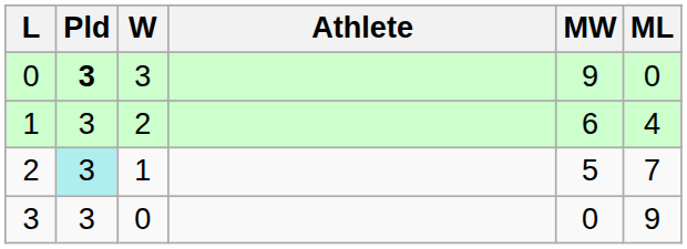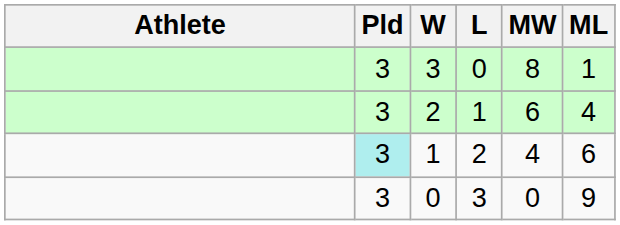 <table class="wikitable" style="text-align:center">
 <tr>
-<th width=20>L</th>
+<th width=200>Athlete</th>
 <th width=20>Pld</th>
 <th width=20>W</th>
-<th width=200>Athlete</th>
+<th width=20>L</th>
 <th width=20>MW</th>
 <th width=20>ML</th>
 </tr>
 <tr bgcolor="ccffcc">
+<td style="text-align:left"></td>
+<td>3</td>
+<td>3</td>
 <td>0</td>
-<td><strong>3</strong></td>
-<td>3</td>
-<td style="text-align:left"></td>
-<td>9</td>
-<td>0</td>
+<td>8</td>
+<td>1</td>
 </tr>
 <tr bgcolor="ccffcc">
-<td>1</td>
+<td style="text-align:left"></td>
 <td>3</td>
 <td>2</td>
-<td style="text-align:left"></td>
+<td>1</td>
 <td>6</td>
 <td>4</td>
 </tr>
 <tr>
-<td>2</td>
+<td style="text-align:left"></td>
 <td style="background: paleturquoise;">3</td>
 <td>1</td>
-<td style="text-align:left"></td>
-<td>5</td>
-<td>7</td>
+<td>2</td>
+<td>4</td>
+<td>6</td>
 </tr>
 <tr>
-<td>3</td>
+<td style="text-align:left"></td>
 <td>3</td>
 <td>0</td>
-<td style="text-align:left"></td>
+<td>3</td>
 <td>0</td>
 <td>9</td>
 </tr>
 </table>
